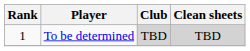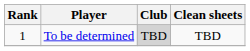 <table class="wikitable" style="text-align:center">
 <tr>
 <th>Rank</th>
 <th>Player</th>
 <th>Club</th>
 <th>Clean sheets</th>
 </tr>
 <tr>
 <td>1</td>
 <td style="text-align:left;"><a href='#'>To be determined</a></td>
 <td style="background: lightgrey; text-align:center;">TBD</td>
-<td style="background: lightgrey;">TBD</td>
+<td>TBD</td>
 </tr>
 <tr>
 </tr>
 </table>
